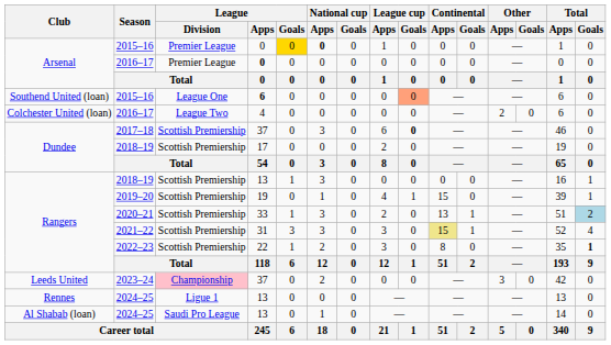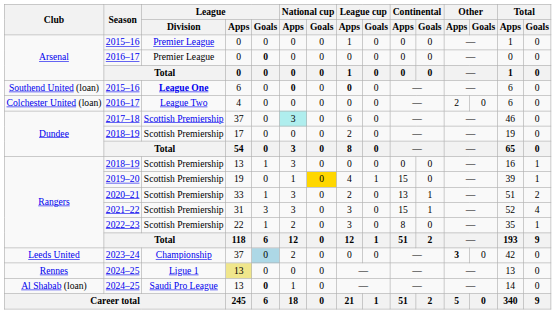 <table class="wikitable" style="text-align:center">
 <tr>
 <th rowspan="2">Club</th>
 <th rowspan="2">Season</th>
 <th colspan="3">League</th>
 <th colspan="2">National cup</th>
 <th colspan="2">League cup</th>
 <th colspan="2">Continental</th>
 <th colspan="2">Other</th>
 <th colspan="2">Total</th>
 </tr>
 <tr>
 <th>Division</th>
 <th>Apps</th>
 <th>Goals</th>
 <th>Apps</th>
 <th>Goals</th>
 <th>Apps</th>
 <th>Goals</th>
 <th>Apps</th>
 <th>Goals</th>
 <th>Apps</th>
 <th>Goals</th>
 <th>Apps</th>
 <th>Goals</th>
 </tr>
 <tr>
 <td rowspan="3"><a href='#'>Arsenal</a></td>
 <td><a href='#'>2015–16</a></td>
 <td><a href='#'>Premier League</a></td>
 <td>0</td>
-<td style="background: gold;">0</td>
-<td><strong>0</strong></td>
+<td>0</td>
+<td>0</td>
 <td>0</td>
 <td>1</td>
 <td>0</td>
 <td>0</td>
 <td>0</td>
 <td colspan="2">—</td>
 <td>1</td>
 <td>0</td>
 </tr>
 <tr>
 <td><a href='#'>2016–17</a></td>
 <td>Premier League</td>
+<td>0</td>
 <td><strong>0</strong></td>
-<td>0</td>
 <td>0</td>
 <td>0</td>
 <td>0</td>
 <td>0</td>
 <td>0</td>
 <td>0</td>
 <td colspan="2">—</td>
 <td>0</td>
 <td>0</td>
 </tr>
 <tr>
 <th colspan="2">Total</th>
 <th>0</th>
 <th>0</th>
 <th>0</th>
 <th>0</th>
 <th>1</th>
 <th>0</th>
 <th>0</th>
 <th>0</th>
 <th colspan="2">—</th>
 <th>1</th>
 <th>0</th>
 </tr>
 <tr>
 <td><a href='#'>Southend United</a> (loan)</td>
 <td><a href='#'>2015–16</a></td>
-<td><a href='#'>League One</a></td>
-<td><strong>6</strong></td>
+<td><strong><a href='#'>League One</a></strong></td>
+<td>6</td>
 <td>0</td>
+<td><strong>0</strong></td>
 <td>0</td>
+<td><strong>0</strong></td>
 <td>0</td>
-<td>0</td>
-<td style="background: lightsalmon;">0</td>
 <td colspan="2">—</td>
 <td colspan="2">—</td>
 <td>6</td>
 <td>0</td>
 </tr>
 <tr>
 <td><a href='#'>Colchester United</a> (loan)</td>
 <td><a href='#'>2016–17</a></td>
 <td><a href='#'>League Two</a></td>
 <td>4</td>
 <td>0</td>
 <td>0</td>
 <td>0</td>
 <td>0</td>
 <td>0</td>
 <td colspan="2">—</td>
 <td>2</td>
 <td>0</td>
 <td>6</td>
 <td>0</td>
 </tr>
 <tr>
 <td rowspan="3"><a href='#'>Dundee</a></td>
 <td><a href='#'>2017–18</a></td>
 <td><a href='#'>Scottish Premiership</a></td>
 <td>37</td>
 <td>0</td>
-<td>3</td>
+<td style="background: paleturquoise;">3</td>
 <td>0</td>
 <td>6</td>
-<td><strong>0</strong></td>
+<td>0</td>
 <td colspan="2">—</td>
 <td colspan="2">—</td>
 <td>46</td>
 <td>0</td>
 </tr>
 <tr>
 <td><a href='#'>2018–19</a></td>
 <td>Scottish Premiership</td>
 <td>17</td>
 <td>0</td>
 <td>0</td>
 <td>0</td>
 <td>2</td>
 <td>0</td>
 <td colspan="2">—</td>
 <td colspan="2">—</td>
 <td>19</td>
 <td>0</td>
 </tr>
 <tr>
 <th colspan="2">Total</th>
 <th>54</th>
 <th>0</th>
 <th>3</th>
 <th>0</th>
 <th>8</th>
 <th>0</th>
 <th colspan="2">—</th>
 <th colspan="2">—</th>
 <th>65</th>
 <th>0</th>
 </tr>
 <tr>
 <td rowspan="6"><a href='#'>Rangers</a></td>
 <td><a href='#'>2018–19</a></td>
 <td>Scottish Premiership</td>
 <td>13</td>
 <td>1</td>
 <td>3</td>
 <td>0</td>
 <td>0</td>
 <td>0</td>
 <td>0</td>
 <td>0</td>
 <td colspan="2">—</td>
 <td>16</td>
 <td>1</td>
 </tr>
 <tr>
 <td><a href='#'>2019–20</a></td>
 <td>Scottish Premiership</td>
 <td>19</td>
 <td>0</td>
 <td>1</td>
-<td>0</td>
+<td style="background: gold;">0</td>
 <td>4</td>
 <td>1</td>
 <td>15</td>
 <td>0</td>
 <td colspan="2">—</td>
 <td>39</td>
 <td>1</td>
 </tr>
 <tr>
 <td><a href='#'>2020–21</a></td>
 <td>Scottish Premiership</td>
 <td>33</td>
 <td>1</td>
 <td>3</td>
 <td>0</td>
 <td>2</td>
 <td>0</td>
 <td>13</td>
 <td>1</td>
 <td colspan="2">—</td>
 <td>51</td>
-<td style="background: lightblue;">2</td>
+<td>2</td>
 </tr>
 <tr>
 <td><a href='#'>2021–22</a></td>
 <td>Scottish Premiership</td>
 <td>31</td>
 <td>3</td>
 <td>3</td>
 <td>0</td>
 <td>3</td>
 <td>0</td>
-<td style="background: khaki;">15</td>
+<td>15</td>
 <td>1</td>
 <td colspan="2">—</td>
 <td>52</td>
 <td>4</td>
 </tr>
 <tr>
 <td><a href='#'>2022–23</a></td>
 <td>Scottish Premiership</td>
 <td>22</td>
 <td>1</td>
 <td>2</td>
 <td>0</td>
 <td>3</td>
 <td>0</td>
 <td>8</td>
 <td>0</td>
 <td colspan="2">—</td>
 <td>35</td>
-<td><strong>1</strong></td>
+<td>1</td>
 </tr>
 <tr>
 <th colspan="2">Total</th>
 <th>118</th>
 <th>6</th>
 <th>12</th>
 <th>0</th>
 <th>12</th>
 <th>1</th>
 <th>51</th>
 <th>2</th>
 <th colspan="2">—</th>
 <th>193</th>
 <th>9</th>
 </tr>
 <tr>
 <td><a href='#'>Leeds United</a></td>
 <td><a href='#'>2023–24</a></td>
-<td style="background: pink;"><a href='#'>Championship</a></td>
+<td><a href='#'>Championship</a></td>
 <td>37</td>
-<td>0</td>
+<td style="background: lightblue;">0</td>
 <td>2</td>
 <td>0</td>
 <td>0</td>
 <td>0</td>
 <td colspan="2">—</td>
-<td>3</td>
+<td><strong>3</strong></td>
 <td>0</td>
 <td>42</td>
 <td>0</td>
 </tr>
 <tr>
 <td><a href='#'>Rennes</a></td>
 <td><a href='#'>2024–25</a></td>
 <td><a href='#'>Ligue 1</a></td>
-<td>13</td>
+<td style="background: khaki;">13</td>
 <td>0</td>
 <td>0</td>
 <td>0</td>
 <td colspan="2">—</td>
 <td colspan="2">—</td>
 <td colspan="2">—</td>
 <td>13</td>
 <td>0</td>
 </tr>
 <tr>
 <td><a href='#'>Al Shabab</a> (loan)</td>
 <td><a href='#'>2024–25</a></td>
 <td><a href='#'>Saudi Pro League</a></td>
 <td>13</td>
-<td>0</td>
+<td><strong>0</strong></td>
 <td>1</td>
 <td>0</td>
 <td colspan="2">—</td>
 <td colspan="2">—</td>
 <td colspan="2">—</td>
 <td>14</td>
 <td>0</td>
 </tr>
 <tr>
 <th colspan="3">Career total</th>
 <th>245</th>
 <th>6</th>
 <th>18</th>
 <th>0</th>
 <th>21</th>
 <th>1</th>
 <th>51</th>
 <th>2</th>
 <th>5</th>
 <th>0</th>
 <th>340</th>
 <th>9</th>
 </tr>
 </table>
